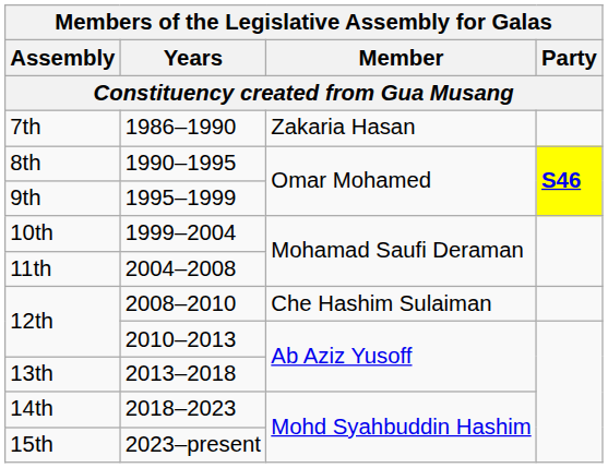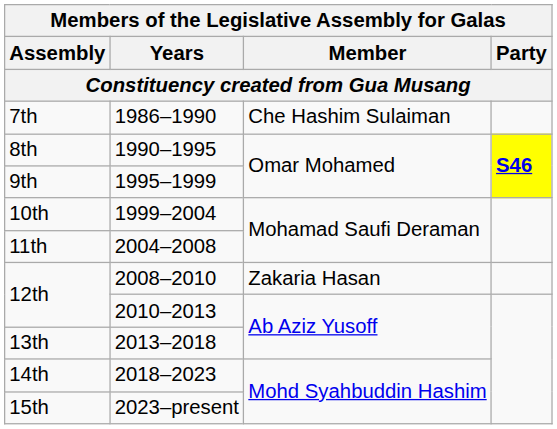 <table class=wikitable>
 <tr>
 <th colspan=4>Members of the Legislative Assembly for Galas</th>
 </tr>
 <tr>
 <th>Assembly</th>
 <th>Years</th>
 <th>Member</th>
 <th>Party</th>
 </tr>
 <tr>
 <th colspan=4 align=center><em>Constituency created from Gua Musang</em></th>
 </tr>
 <tr>
 <td>7th</td>
 <td>1986–1990</td>
-<td>Zakaria Hasan</td>
+<td>Che Hashim Sulaiman</td>
 <td></td>
 </tr>
 <tr>
 <td>8th</td>
 <td>1990–1995</td>
 <td rowspan=2>Omar Mohamed</td>
 <td rowspan=2 bgcolor="yellow"><strong><a href='#'>S46</a></strong></td>
 </tr>
 <tr>
 <td>9th</td>
 <td>1995–1999</td>
 </tr>
 <tr>
 <td>10th</td>
 <td>1999–2004</td>
 <td rowspan=2>Mohamad Saufi Deraman</td>
 <td rowspan=2></td>
 </tr>
 <tr>
 <td>11th</td>
 <td>2004–2008</td>
 </tr>
 <tr>
 <td rowspan=2>12th</td>
 <td>2008–2010</td>
-<td>Che Hashim Sulaiman</td>
+<td>Zakaria Hasan</td>
 <td></td>
 </tr>
 <tr>
 <td>2010–2013</td>
 <td rowspan=2><a href='#'>Ab Aziz Yusoff</a></td>
 <td rowspan="4"></td>
 </tr>
 <tr>
 <td>13th</td>
 <td>2013–2018</td>
 </tr>
 <tr>
 <td>14th</td>
 <td>2018–2023</td>
 <td rowspan=2><a href='#'>Mohd Syahbuddin Hashim</a></td>
 </tr>
 <tr>
 <td>15th</td>
 <td>2023–present</td>
 </tr>
 </table>
